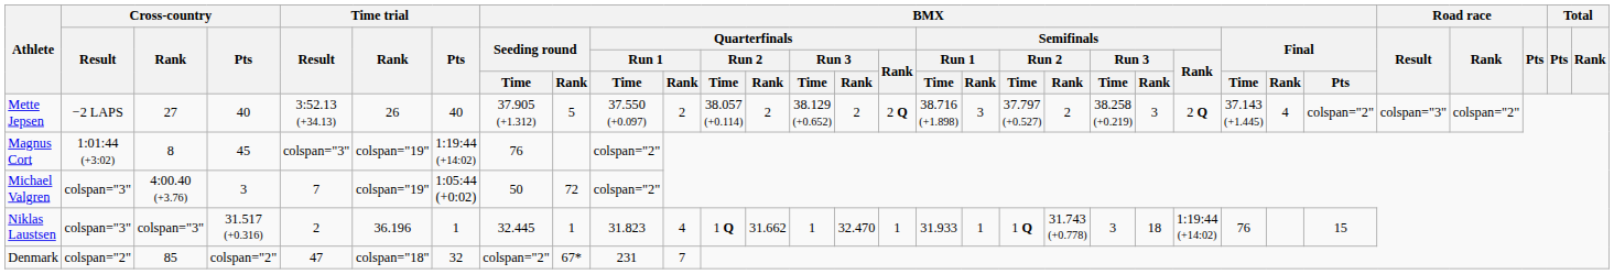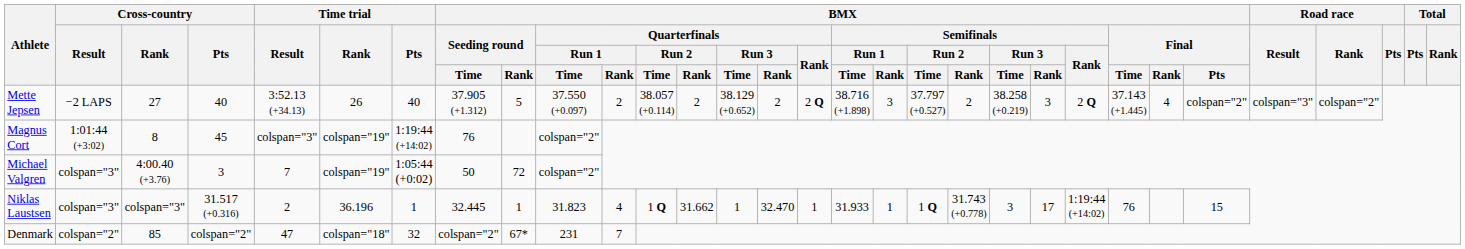 <table class="wikitable" style="font-size:90%; text-align:center;">
 <tr>
 <th rowspan="4">Athlete</th>
 <th colspan="3">Cross-country</th>
 <th colspan="3">Time trial</th>
 <th colspan="19">BMX</th>
 <th colspan="3">Road race</th>
 <th colspan="2">Total</th>
 </tr>
 <tr>
 <th rowspan="3">Result</th>
 <th rowspan="3">Rank</th>
 <th rowspan="3">Pts</th>
 <th rowspan="3">Result</th>
 <th rowspan="3">Rank</th>
 <th rowspan="3">Pts</th>
 <th rowspan="2" colspan="2">Seeding round</th>
 <th colspan="7">Quarterfinals</th>
 <th colspan="7">Semifinals</th>
 <th rowspan="2" colspan="3">Final</th>
 <th rowspan="3">Result</th>
 <th rowspan="3">Rank</th>
 <th rowspan="3">Pts</th>
 <th rowspan="3">Pts</th>
 <th rowspan="3">Rank</th>
 </tr>
 <tr>
 <th colspan="2">Run 1</th>
 <th colspan="2">Run 2</th>
 <th colspan="2">Run 3</th>
 <th rowspan="2">Rank</th>
 <th colspan="2">Run 1</th>
 <th colspan="2">Run 2</th>
 <th colspan="2">Run 3</th>
 <th rowspan="2">Rank</th>
 </tr>
 <tr>
 <th>Time</th>
 <th>Rank</th>
 <th>Time</th>
 <th>Rank</th>
 <th>Time</th>
 <th>Rank</th>
 <th>Time</th>
 <th>Rank</th>
 <th>Time</th>
 <th>Rank</th>
 <th>Time</th>
 <th>Rank</th>
 <th>Time</th>
 <th>Rank</th>
 <th>Time</th>
 <th>Rank</th>
 <th>Pts</th>
 </tr>
 <tr>
 <td style="text-align:left;"><a href='#'>Mette Jepsen</a></td>
 <td>−2 LAPS</td>
 <td>27</td>
 <td>40</td>
 <td>3:52.13<br><small>(+34.13)</small></td>
 <td>26</td>
 <td>40</td>
 <td>37.905<br><small>(+1.312)</small></td>
 <td>5</td>
 <td>37.550<br><small>(+0.097)</small></td>
 <td>2</td>
 <td>38.057<br><small>(+0.114)</small></td>
 <td>2</td>
 <td>38.129<br><small>(+0.652)</small></td>
 <td>2</td>
 <td>2 <strong>Q</strong></td>
 <td>38.716<br><small>(+1.898)</small></td>
 <td>3</td>
 <td>37.797<br><small>(+0.527)</small></td>
 <td>2</td>
 <td>38.258<br><small>(+0.219)</small></td>
 <td>3</td>
 <td>2 <strong>Q</strong></td>
 <td>37.143<br><small>(+1.445)</small></td>
 <td>4</td>
 <td>colspan="2" </td>
 <td>colspan="3" </td>
 <td>colspan="2" </td>
 </tr>
 <tr>
 <td style="text-align:left;"><a href='#'>Magnus Cort</a></td>
 <td>1:01:44<br><small>(+3:02)</small></td>
 <td>8</td>
 <td>45</td>
 <td>colspan="3" </td>
 <td>colspan="19" </td>
 <td>1:19:44<br><small>(+14:02)</small></td>
 <td>76</td>
 <td></td>
 <td>colspan="2" </td>
 </tr>
 <tr>
 <td style="text-align:left;"><a href='#'>Michael Valgren</a></td>
 <td>colspan="3" </td>
 <td>4:00.40<br><small>(+3.76)</small></td>
 <td>3</td>
 <td>7</td>
 <td>colspan="19" </td>
 <td>1:05:44<br>(+0:02)</td>
 <td>50</td>
 <td>72</td>
 <td>colspan="2" </td>
 </tr>
 <tr>
 <td style="text-align:left;"><a href='#'>Niklas Laustsen</a></td>
 <td>colspan="3" </td>
 <td>colspan="3" </td>
 <td>31.517<br><small>(+0.316)</small></td>
 <td>2</td>
 <td>36.196</td>
 <td>1</td>
 <td>32.445</td>
 <td>1</td>
 <td>31.823</td>
 <td>4</td>
 <td>1 <strong>Q</strong></td>
 <td>31.662</td>
 <td>1</td>
 <td>32.470</td>
 <td>1</td>
 <td>31.933</td>
 <td>1</td>
 <td>1 <strong>Q</strong></td>
 <td>31.743<br><small>(+0.778)</small></td>
 <td>3</td>
-<td>18</td>
+<td>17</td>
 <td>1:19:44<br><small>(+14:02)</small></td>
 <td>76</td>
 <td></td>
 <td>15</td>
 </tr>
 <tr>
 <td style="text-align:left;">Denmark</td>
 <td>colspan="2" </td>
 <td>85</td>
 <td>colspan="2" </td>
 <td>47</td>
 <td>colspan="18" </td>
 <td>32</td>
 <td>colspan="2" </td>
 <td>67*</td>
 <td>231</td>
 <td>7</td>
 </tr>
 </table>
